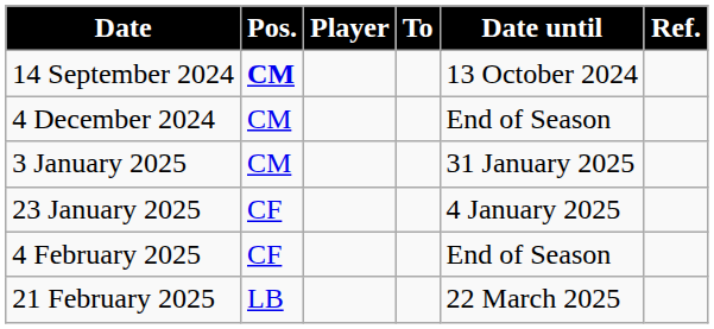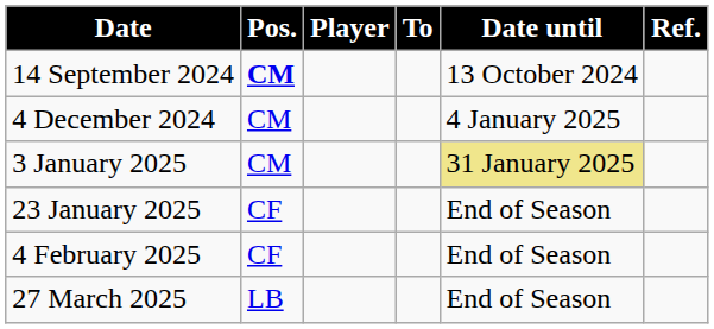 <table class="wikitable plainrowheaders sortable">
 <tr>
 <th style="background:black; color:#FFFFFF;">Date</th>
 <th style="background:black; color:#FFFFFF;">Pos.</th>
 <th style="background:black; color:#FFFFFF;">Player</th>
 <th style="background:black; color:#FFFFFF;">To</th>
 <th style="background:black; color:#FFFFFF;">Date until</th>
 <th style="background:black; color:#FFFFFF;">Ref.</th>
 </tr>
 <tr>
 <td>14 September 2024</td>
 <td><strong><a href='#'>CM</a></strong></td>
 <td></td>
 <td></td>
 <td>13 October 2024</td>
 <td></td>
 </tr>
 <tr>
 <td>4 December 2024</td>
 <td><a href='#'>CM</a></td>
 <td></td>
 <td></td>
-<td>End of Season</td>
+<td>4 January 2025</td>
 <td></td>
 </tr>
 <tr>
 <td>3 January 2025</td>
 <td><a href='#'>CM</a></td>
 <td></td>
 <td></td>
-<td>31 January 2025</td>
+<td style="background: khaki;">31 January 2025</td>
 <td></td>
 </tr>
 <tr>
 <td>23 January 2025</td>
 <td><a href='#'>CF</a></td>
 <td></td>
 <td></td>
-<td>4 January 2025</td>
+<td>End of Season</td>
 <td></td>
 </tr>
 <tr>
 <td>4 February 2025</td>
 <td><a href='#'>CF</a></td>
 <td></td>
 <td></td>
 <td>End of Season</td>
 <td></td>
 </tr>
 <tr>
-<td>21 February 2025</td>
+<td>27 March 2025</td>
 <td><a href='#'>LB</a></td>
 <td></td>
 <td></td>
-<td>22 March 2025</td>
+<td>End of Season</td>
 <td></td>
 </tr>
 </table>
